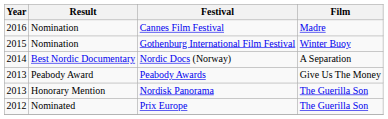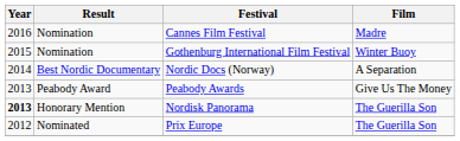 <table class="wikitable">
 <tr>
 <th>Year</th>
 <th>Result</th>
 <th>Festival</th>
 <th>Film</th>
 </tr>
 <tr>
 <td>2016</td>
 <td>Nomination</td>
 <td><a href='#'>Cannes Film Festival</a></td>
 <td><a href='#'>Madre</a></td>
 </tr>
 <tr>
 <td>2015</td>
 <td>Nomination</td>
 <td><a href='#'>Gothenburg International Film Festival</a></td>
 <td><a href='#'>Winter Buoy</a></td>
 </tr>
 <tr>
 <td>2014</td>
 <td><a href='#'>Best Nordic Documentary</a></td>
 <td><a href='#'>Nordic Docs</a> (Norway)</td>
 <td>A Separation</td>
 </tr>
 <tr>
 <td>2013</td>
 <td>Peabody Award</td>
 <td><a href='#'>Peabody Awards</a></td>
 <td>Give Us The Money</td>
 </tr>
 <tr>
-<td>2013</td>
+<td><strong>2013</strong></td>
 <td>Honorary Mention</td>
 <td><a href='#'>Nordisk Panorama</a></td>
 <td><a href='#'>The Guerilla Son</a></td>
 </tr>
 <tr>
 <td>2012</td>
 <td>Nominated</td>
 <td><a href='#'>Prix Europe</a></td>
 <td><a href='#'>The Guerilla Son</a></td>
 </tr>
 <tr>
 </tr>
 </table>
